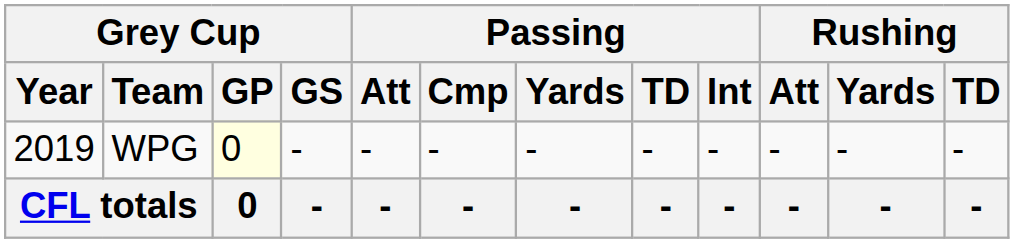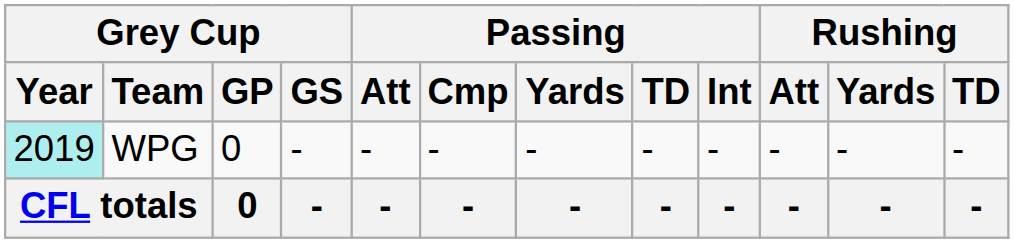 <table class="wikitable">
 <tr>
 <th colspan="4">Grey Cup</th>
 <th colspan="5">Passing</th>
 <th colspan="3">Rushing</th>
 </tr>
 <tr>
 <th>Year</th>
 <th>Team</th>
 <th>GP</th>
 <th>GS</th>
 <th>Att</th>
 <th>Cmp</th>
 <th>Yards</th>
 <th>TD</th>
 <th>Int</th>
 <th>Att</th>
 <th>Yards</th>
 <th>TD</th>
 </tr>
 <tr>
-<td>2019</td>
+<td style="background: paleturquoise;">2019</td>
 <td>WPG</td>
-<td style="background: lightyellow;">0</td>
+<td>0</td>
 <td>-</td>
 <td>-</td>
 <td>-</td>
 <td>-</td>
 <td>-</td>
 <td>-</td>
 <td>-</td>
 <td>-</td>
 <td>-</td>
 </tr>
 <tr>
 <th colspan="2"><a href='#'>CFL</a> totals</th>
 <th>0</th>
 <th>-</th>
 <th>-</th>
 <th>-</th>
 <th>-</th>
 <th>-</th>
 <th>-</th>
 <th>-</th>
 <th>-</th>
 <th>-</th>
 </tr>
 </table>
